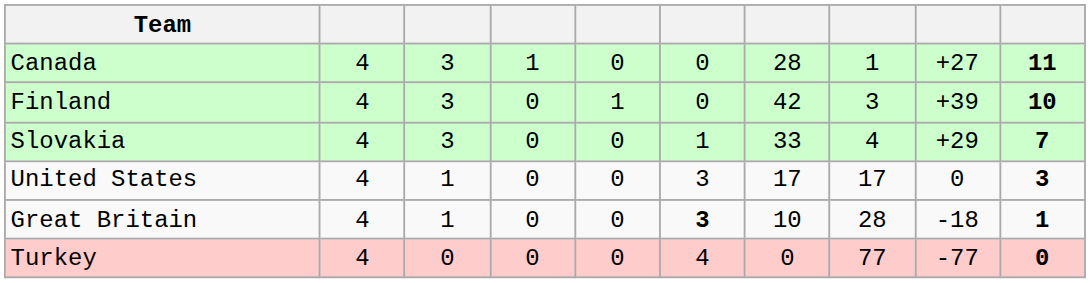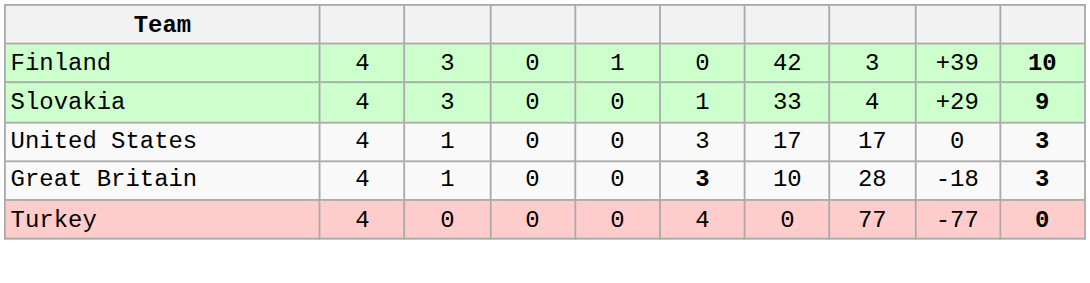 <table class="wikitable" style="text-align:center;">
 <tr>
 <th width=165>Team</th>
 <th width=40></th>
 <th width=40></th>
 <th width=40></th>
 <th width=40></th>
 <th width=40></th>
 <th width=40></th>
 <th width=40></th>
 <th width=40></th>
 <th width=40></th>
-</tr>
-<tr bgcolor=ccffcc style="background:">
-<td style="text-align:left;"> Canada</td>
-<td>4</td>
-<td>3</td>
-<td>1</td>
-<td>0</td>
-<td>0</td>
-<td>28</td>
-<td>1</td>
-<td>+27</td>
-<td><strong>11</strong></td>
 </tr>
 <tr bgcolor=ccffcc style="background:">
 <td style="text-align:left;"> Finland</td>
 <td>4</td>
 <td>3</td>
 <td>0</td>
 <td>1</td>
 <td>0</td>
 <td>42</td>
 <td>3</td>
 <td>+39</td>
 <td><strong>10</strong></td>
 </tr>
 <tr bgcolor=ccffcc style="background:">
 <td style="text-align:left;"> Slovakia</td>
 <td>4</td>
 <td>3</td>
 <td>0</td>
 <td>0</td>
 <td>1</td>
 <td>33</td>
 <td>4</td>
 <td>+29</td>
-<td><strong>7</strong></td>
+<td><strong>9</strong></td>
 </tr>
 <tr style="background:">
 <td style="text-align:left;"> United States</td>
 <td>4</td>
 <td>1</td>
 <td>0</td>
 <td>0</td>
 <td>3</td>
 <td>17</td>
 <td>17</td>
 <td>0</td>
 <td><strong>3</strong></td>
 </tr>
 <tr style="background:">
 <td style="text-align:left;"> Great Britain</td>
 <td>4</td>
 <td>1</td>
 <td>0</td>
 <td>0</td>
 <td><strong>3</strong></td>
 <td>10</td>
 <td>28</td>
 <td>-18</td>
-<td><strong>1</strong></td>
+<td><strong>3</strong></td>
 </tr>
 <tr bgcolor=ffcccc style="background:">
 <td style="text-align:left;"> Turkey</td>
 <td>4</td>
 <td>0</td>
 <td>0</td>
 <td>0</td>
 <td>4</td>
 <td>0</td>
 <td>77</td>
 <td>-77</td>
 <td><strong>0</strong></td>
 </tr>
 </table>
